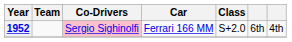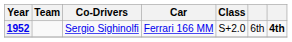 <table class="wikitable" style="font-size:90%">
 <tr>
 <th>Year</th>
 <th>Team</th>
 <th>Co-Drivers</th>
 <th>Car</th>
 <th>Class</th>
 <th></th>
 <th></th>
 </tr>
 <tr align="center">
 <th><a href='#'>1952</a></th>
 <td align="left"></td>
-<td align="left" style="background: pink;"> <a href='#'>Sergio Sighinolfi</a></td>
+<td align="left"> <a href='#'>Sergio Sighinolfi</a></td>
 <td align="left"><a href='#'>Ferrari 166 MM</a></td>
 <td>S+2.0</td>
 <td>6th</td>
-<td>4th</td>
+<td><strong>4th</strong></td>
 </tr>
 <tr align="center">
 </tr>
 </table>
